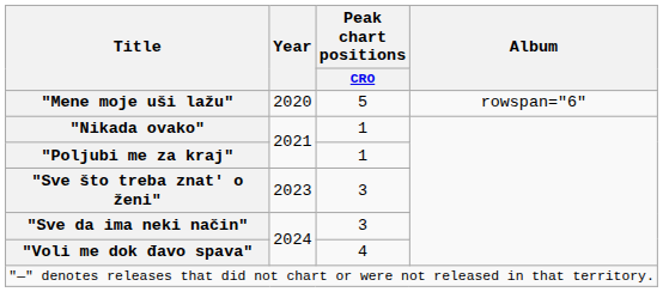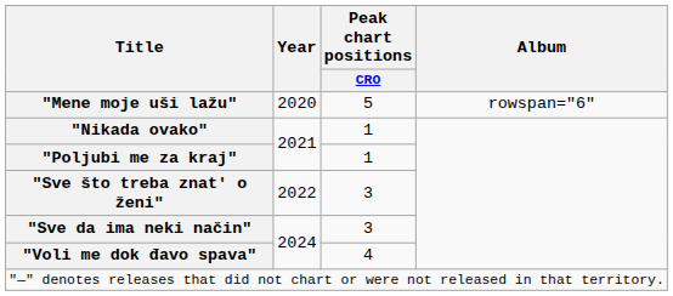 <table class="wikitable plainrowheaders" style="text-align:center;">
 <tr>
 <th scope="col" rowspan="2" style="width:16em;">Title</th>
 <th scope="col" rowspan="2" style="width:1em;">Year</th>
 <th scope="col" colspan="1">Peak chart positions</th>
 <th scope="col" rowspan="2">Album</th>
 </tr>
 <tr>
 <th scope="col" style="width:3em;font-size:85%;"><a href='#'>CRO</a><br></th>
 </tr>
 <tr>
 <th scope="row">"Mene moje uši lažu"</th>
 <td>2020</td>
 <td>5</td>
 <td>rowspan="6" </td>
 </tr>
 <tr>
 <th scope="row">"Nikada ovako"</th>
 <td rowspan="2">2021</td>
 <td>1</td>
 </tr>
 <tr>
 <th scope="row">"Poljubi me za kraj"</th>
 <td>1</td>
 </tr>
 <tr>
 <th scope="row">"Sve što treba znat' o ženi"</th>
-<td rowspan="1">2023</td>
+<td rowspan="1">2022</td>
 <td>3</td>
 </tr>
 <tr>
 <th scope="row">"Sve da ima neki način"</th>
 <td rowspan="2">2024</td>
 <td>3</td>
 </tr>
 <tr>
 <th scope="row">"Voli me dok đavo spava"</th>
 <td>4</td>
 </tr>
 <tr>
 <td colspan="22" style="text-align:center; font-size:85%;">"—" denotes releases that did not chart or were not released in that territory.</td>
 </tr>
 </table>
